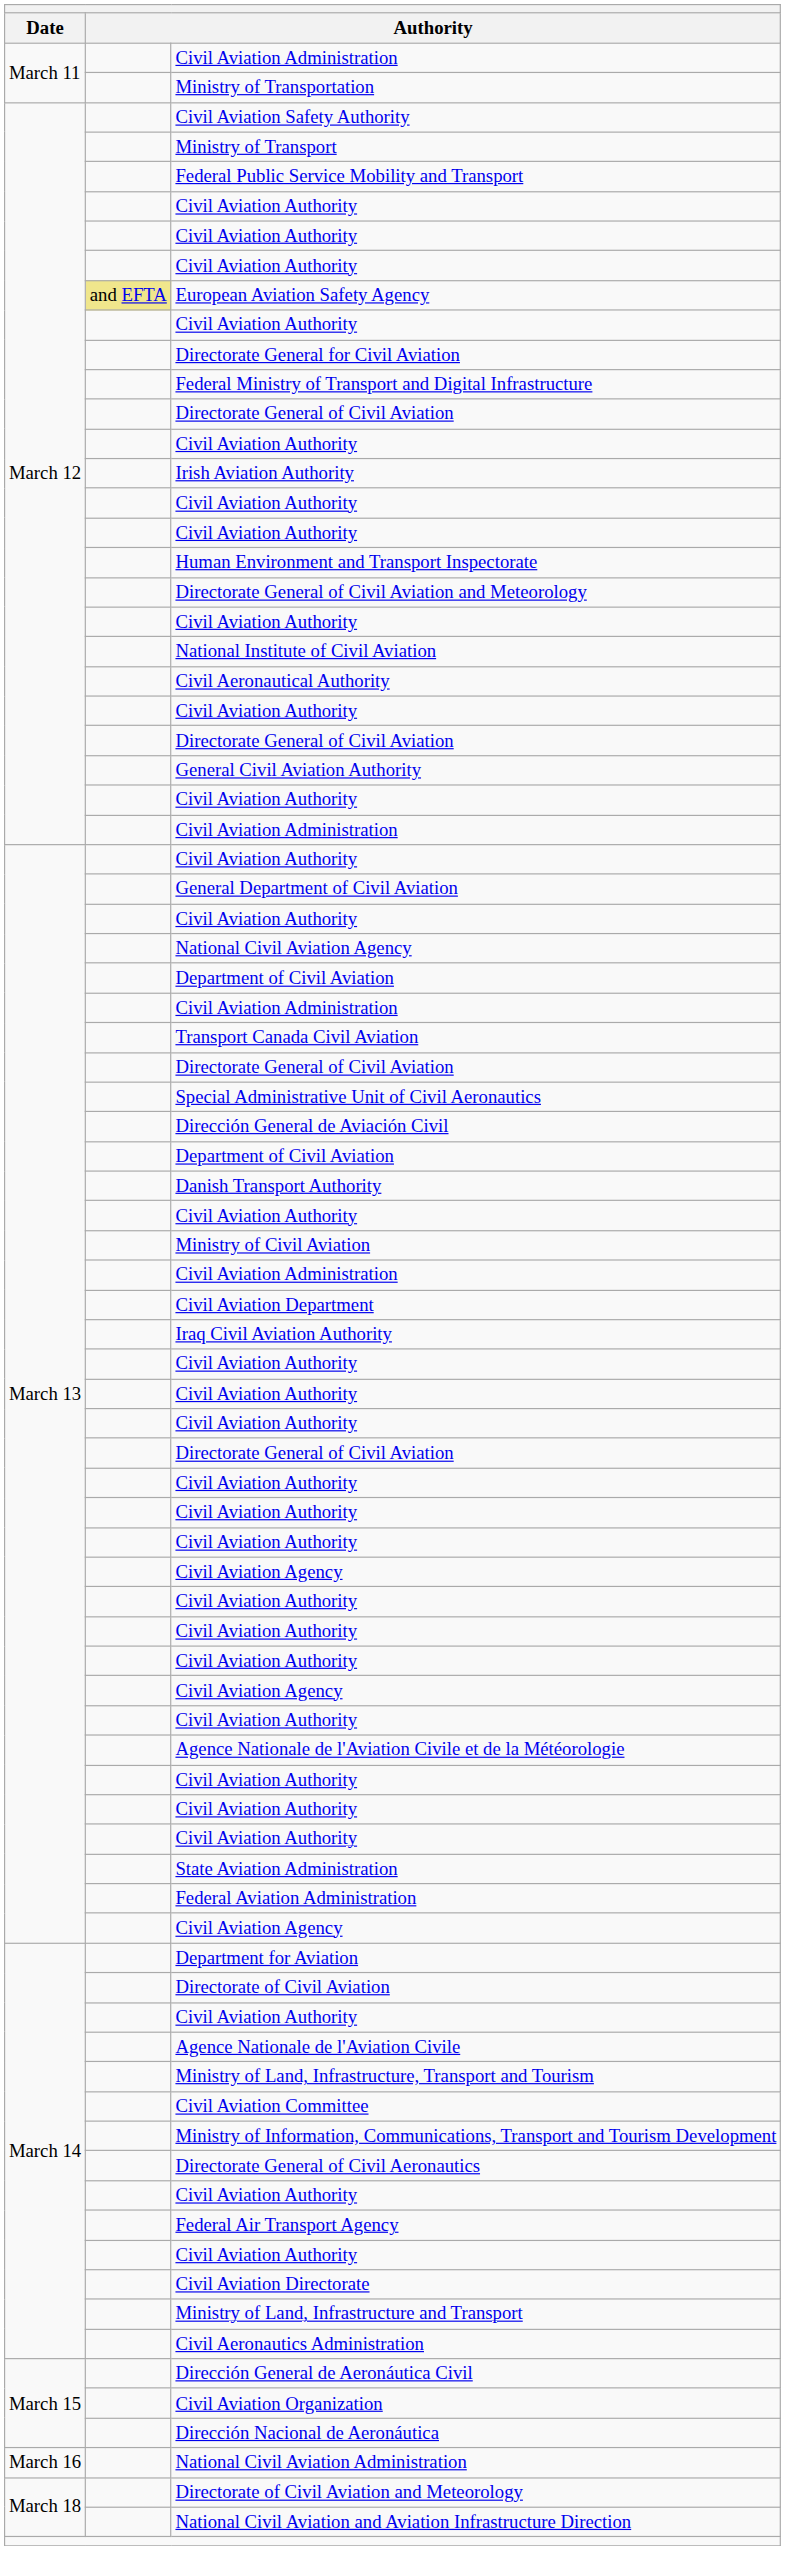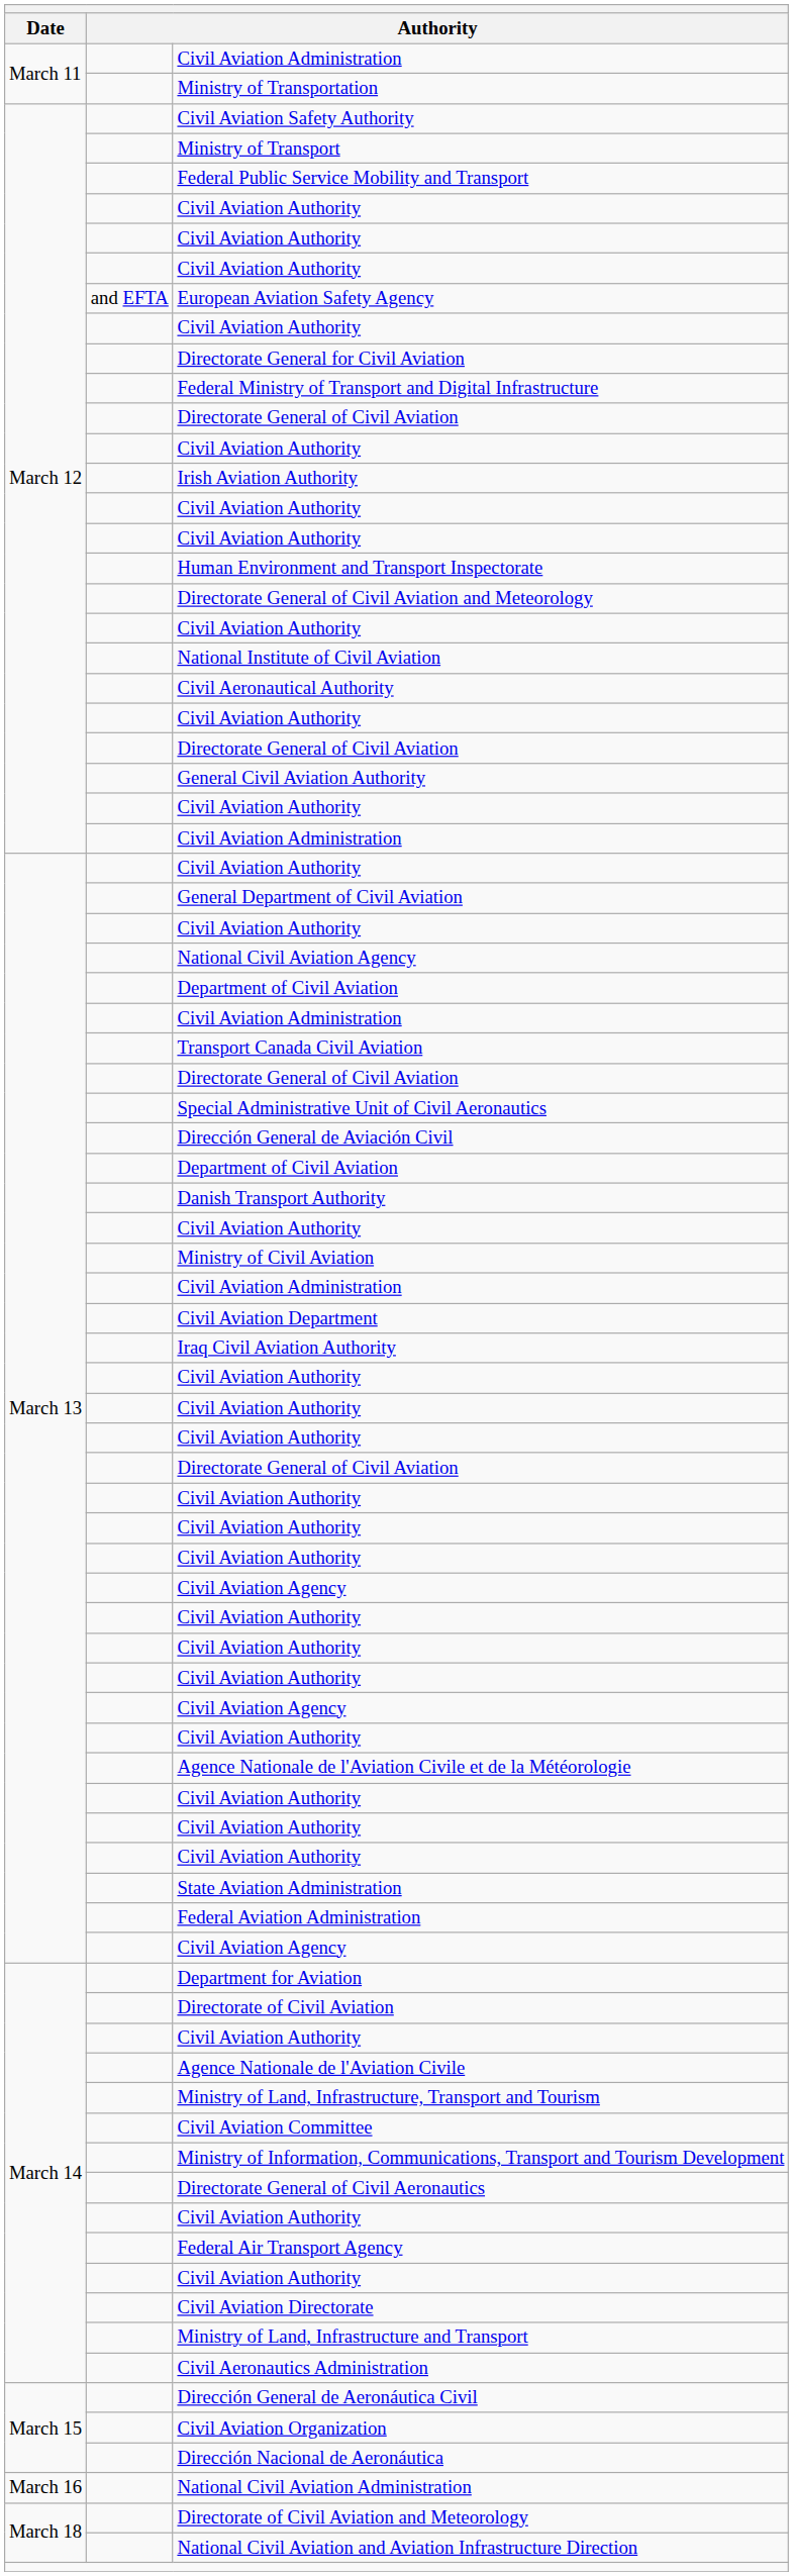 <table class="wikitable sortable collapsible">
 <tr>
 <th colspan="3"></th>
 </tr>
 <tr>
 <th>Date</th>
 <th colspan="2">Authority</th>
 </tr>
 <tr>
 <td rowspan=2>March 11</td>
 <td></td>
 <td><a href='#'>Civil Aviation Administration</a></td>
 </tr>
 <tr>
 <td></td>
 <td><a href='#'>Ministry of Transportation</a></td>
 </tr>
 <tr>
 <td rowspan=25>March 12</td>
 <td></td>
 <td><a href='#'>Civil Aviation Safety Authority</a></td>
 </tr>
 <tr>
 <td></td>
 <td><a href='#'>Ministry of Transport</a></td>
 </tr>
 <tr>
 <td></td>
 <td><a href='#'>Federal Public Service Mobility and Transport</a></td>
 </tr>
 <tr>
 <td></td>
 <td><a href='#'>Civil Aviation Authority</a></td>
 </tr>
 <tr>
 <td></td>
 <td><a href='#'>Civil Aviation Authority</a></td>
 </tr>
 <tr>
 <td></td>
 <td><a href='#'>Civil Aviation Authority</a></td>
 </tr>
 <tr>
-<td style="background: khaki;"> and <a href='#'>EFTA</a></td>
+<td> and <a href='#'>EFTA</a></td>
 <td><a href='#'>European Aviation Safety Agency</a></td>
 </tr>
 <tr>
 <td></td>
 <td><a href='#'>Civil Aviation Authority</a></td>
 </tr>
 <tr>
 <td></td>
 <td><a href='#'>Directorate General for Civil Aviation</a></td>
 </tr>
 <tr>
 <td></td>
 <td><a href='#'>Federal Ministry of Transport and Digital Infrastructure</a></td>
 </tr>
 <tr>
 <td></td>
 <td><a href='#'>Directorate General of Civil Aviation</a></td>
 </tr>
 <tr>
 <td></td>
 <td><a href='#'>Civil Aviation Authority</a></td>
 </tr>
 <tr>
 <td></td>
 <td><a href='#'>Irish Aviation Authority</a></td>
 </tr>
 <tr>
 <td></td>
 <td><a href='#'>Civil Aviation Authority</a></td>
 </tr>
 <tr>
 <td></td>
 <td><a href='#'>Civil Aviation Authority</a></td>
 </tr>
 <tr>
 <td></td>
 <td><a href='#'>Human Environment and Transport Inspectorate</a></td>
 </tr>
 <tr>
 <td></td>
 <td><a href='#'>Directorate General of Civil Aviation and Meteorology</a></td>
 </tr>
 <tr>
 <td></td>
 <td><a href='#'>Civil Aviation Authority</a></td>
 </tr>
 <tr>
 <td></td>
 <td><a href='#'>National Institute of Civil Aviation</a></td>
 </tr>
 <tr>
 <td></td>
 <td><a href='#'>Civil Aeronautical Authority</a></td>
 </tr>
 <tr>
 <td></td>
 <td><a href='#'>Civil Aviation Authority</a></td>
 </tr>
 <tr>
 <td></td>
 <td><a href='#'>Directorate General of Civil Aviation</a></td>
 </tr>
 <tr>
 <td></td>
 <td><a href='#'>General Civil Aviation Authority</a></td>
 </tr>
 <tr>
 <td></td>
 <td><a href='#'>Civil Aviation Authority</a></td>
 </tr>
 <tr>
 <td></td>
 <td><a href='#'>Civil Aviation Administration</a></td>
 </tr>
 <tr>
 <td rowspan=37>March 13</td>
 <td></td>
 <td><a href='#'>Civil Aviation Authority</a></td>
 </tr>
 <tr>
 <td></td>
 <td><a href='#'>General Department of Civil Aviation</a></td>
 </tr>
 <tr>
 <td></td>
 <td><a href='#'>Civil Aviation Authority</a></td>
 </tr>
 <tr>
 <td></td>
 <td><a href='#'>National Civil Aviation Agency</a></td>
 </tr>
 <tr>
 <td></td>
 <td><a href='#'>Department of Civil Aviation</a></td>
 </tr>
 <tr>
 <td></td>
 <td><a href='#'>Civil Aviation Administration</a></td>
 </tr>
 <tr>
 <td></td>
 <td><a href='#'>Transport Canada Civil Aviation</a></td>
 </tr>
 <tr>
 <td></td>
 <td><a href='#'>Directorate General of Civil Aviation</a></td>
 </tr>
 <tr>
 <td></td>
 <td><a href='#'>Special Administrative Unit of Civil Aeronautics</a></td>
 </tr>
 <tr>
 <td></td>
 <td><a href='#'>Dirección General de Aviación Civil</a></td>
 </tr>
 <tr>
 <td></td>
 <td><a href='#'>Department of Civil Aviation</a></td>
 </tr>
 <tr>
 <td></td>
 <td><a href='#'>Danish Transport Authority</a></td>
 </tr>
 <tr>
 <td></td>
 <td><a href='#'>Civil Aviation Authority</a></td>
 </tr>
 <tr>
 <td></td>
 <td><a href='#'>Ministry of Civil Aviation</a></td>
 </tr>
 <tr>
 <td></td>
 <td><a href='#'>Civil Aviation Administration</a></td>
 </tr>
 <tr>
 <td></td>
 <td><a href='#'>Civil Aviation Department</a></td>
 </tr>
 <tr>
 <td></td>
 <td><a href='#'>Iraq Civil Aviation Authority</a></td>
 </tr>
 <tr>
 <td></td>
 <td><a href='#'>Civil Aviation Authority</a></td>
 </tr>
 <tr>
 <td></td>
 <td><a href='#'>Civil Aviation Authority</a></td>
 </tr>
 <tr>
 <td></td>
 <td><a href='#'>Civil Aviation Authority</a></td>
 </tr>
 <tr>
 <td></td>
 <td><a href='#'>Directorate General of Civil Aviation</a></td>
 </tr>
 <tr>
 <td></td>
 <td><a href='#'>Civil Aviation Authority</a></td>
 </tr>
 <tr>
 <td></td>
 <td><a href='#'>Civil Aviation Authority</a></td>
 </tr>
 <tr>
 <td></td>
 <td><a href='#'>Civil Aviation Authority</a></td>
 </tr>
 <tr>
 <td></td>
 <td><a href='#'>Civil Aviation Agency</a></td>
 </tr>
 <tr>
 <td></td>
 <td><a href='#'>Civil Aviation Authority</a></td>
 </tr>
 <tr>
 <td></td>
 <td><a href='#'>Civil Aviation Authority</a></td>
 </tr>
 <tr>
 <td></td>
 <td><a href='#'>Civil Aviation Authority</a></td>
 </tr>
 <tr>
 <td></td>
 <td><a href='#'>Civil Aviation Agency</a></td>
 </tr>
 <tr>
 <td></td>
 <td><a href='#'>Civil Aviation Authority</a></td>
 </tr>
 <tr>
 <td></td>
 <td><a href='#'>Agence Nationale de l'Aviation Civile et de la Météorologie</a></td>
 </tr>
 <tr>
 <td></td>
 <td><a href='#'>Civil Aviation Authority</a></td>
 </tr>
 <tr>
 <td></td>
 <td><a href='#'>Civil Aviation Authority</a></td>
 </tr>
 <tr>
 <td></td>
 <td><a href='#'>Civil Aviation Authority</a></td>
 </tr>
 <tr>
 <td></td>
 <td><a href='#'>State Aviation Administration</a></td>
 </tr>
 <tr>
 <td></td>
 <td><a href='#'>Federal Aviation Administration</a></td>
 </tr>
 <tr>
 <td></td>
 <td><a href='#'>Civil Aviation Agency</a></td>
 </tr>
 <tr>
 <td rowspan=14>March 14</td>
 <td></td>
 <td><a href='#'>Department for Aviation</a></td>
 </tr>
 <tr>
 <td></td>
 <td><a href='#'>Directorate of Civil Aviation</a></td>
 </tr>
 <tr>
 <td></td>
 <td><a href='#'>Civil Aviation Authority</a></td>
 </tr>
 <tr>
 <td></td>
 <td><a href='#'>Agence Nationale de l'Aviation Civile</a></td>
 </tr>
 <tr>
 <td></td>
 <td><a href='#'>Ministry of Land, Infrastructure, Transport and Tourism</a></td>
 </tr>
 <tr>
 <td></td>
 <td><a href='#'>Civil Aviation Committee</a></td>
 </tr>
 <tr>
 <td></td>
 <td><a href='#'>Ministry of Information, Communications, Transport and Tourism Development</a></td>
 </tr>
 <tr>
 <td></td>
 <td><a href='#'>Directorate General of Civil Aeronautics</a></td>
 </tr>
 <tr>
 <td></td>
 <td><a href='#'>Civil Aviation Authority</a></td>
 </tr>
 <tr>
 <td></td>
 <td><a href='#'>Federal Air Transport Agency</a></td>
 </tr>
 <tr>
 <td></td>
 <td><a href='#'>Civil Aviation Authority</a></td>
 </tr>
 <tr>
 <td></td>
 <td><a href='#'>Civil Aviation Directorate</a></td>
 </tr>
 <tr>
 <td></td>
 <td><a href='#'>Ministry of Land, Infrastructure and Transport</a></td>
 </tr>
 <tr>
 <td></td>
 <td><a href='#'>Civil Aeronautics Administration</a></td>
 </tr>
 <tr>
 <td rowspan=3>March 15</td>
 <td></td>
 <td><a href='#'>Dirección General de Aeronáutica Civil</a></td>
 </tr>
 <tr>
 <td></td>
 <td><a href='#'>Civil Aviation Organization</a></td>
 </tr>
 <tr>
 <td></td>
 <td><a href='#'>Dirección Nacional de Aeronáutica</a></td>
 </tr>
 <tr>
 <td>March 16</td>
 <td></td>
 <td><a href='#'>National Civil Aviation Administration</a></td>
 </tr>
 <tr>
 <td rowspan=2>March 18</td>
 <td></td>
 <td><a href='#'>Directorate of Civil Aviation and Meteorology</a></td>
 </tr>
 <tr>
 <td></td>
 <td><a href='#'>National Civil Aviation and Aviation Infrastructure Direction</a></td>
 </tr>
 <tr class="sortbottom">
 <td colspan="3"></td>
 </tr>
 </table>
